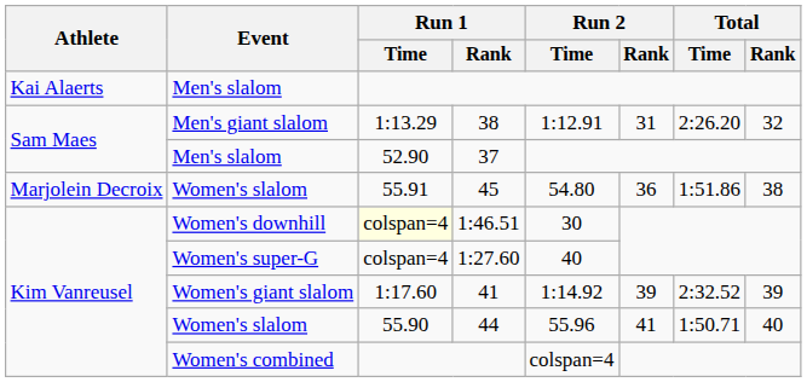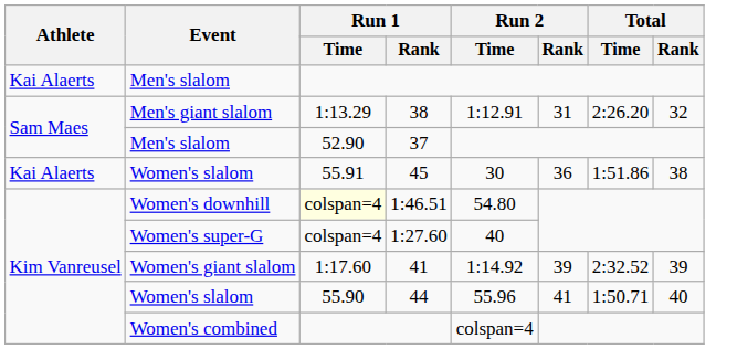 <table class="wikitable" style="font-size:90%">
 <tr>
 <th rowspan=2>Athlete</th>
 <th rowspan=2>Event</th>
 <th colspan=2>Run 1</th>
 <th colspan=2>Run 2</th>
 <th colspan=2>Total</th>
 </tr>
 <tr style="font-size:95%">
 <th>Time</th>
 <th>Rank</th>
 <th>Time</th>
 <th>Rank</th>
 <th>Time</th>
 <th>Rank</th>
 </tr>
 <tr align=center>
 <td align=left><a href='#'>Kai Alaerts</a></td>
 <td align=left><a href='#'>Men's slalom</a></td>
 <td colspan=6></td>
 </tr>
 <tr align=center>
 <td align=left rowspan=2><a href='#'>Sam Maes</a></td>
 <td align=left><a href='#'>Men's giant slalom</a></td>
 <td>1:13.29</td>
 <td>38</td>
 <td>1:12.91</td>
 <td>31</td>
 <td>2:26.20</td>
 <td>32</td>
 </tr>
 <tr align=center>
 <td align=left><a href='#'>Men's slalom</a></td>
 <td>52.90</td>
 <td>37</td>
 <td colspan=4></td>
 </tr>
 <tr align=center>
-<td align=left><a href='#'>Marjolein Decroix</a></td>
+<td align=left><a href='#'>Kai Alaerts</a></td>
 <td align=left><a href='#'>Women's slalom</a></td>
 <td>55.91</td>
 <td>45</td>
-<td>54.80</td>
+<td>30</td>
 <td>36</td>
 <td>1:51.86</td>
 <td>38</td>
 </tr>
 <tr align=center>
 <td align=left rowspan=5><a href='#'>Kim Vanreusel</a></td>
 <td align=left><a href='#'>Women's downhill</a></td>
 <td style="background: lightyellow;">colspan=4 </td>
 <td>1:46.51</td>
-<td>30</td>
+<td>54.80</td>
 </tr>
 <tr align=center>
 <td align=left><a href='#'>Women's super-G</a></td>
 <td>colspan=4 </td>
 <td>1:27.60</td>
 <td>40</td>
 </tr>
 <tr align=center>
 <td align=left><a href='#'>Women's giant slalom</a></td>
 <td>1:17.60</td>
 <td>41</td>
 <td>1:14.92</td>
 <td>39</td>
 <td>2:32.52</td>
 <td>39</td>
 </tr>
 <tr align=center>
 <td align=left><a href='#'>Women's slalom</a></td>
 <td>55.90</td>
 <td>44</td>
 <td>55.96</td>
 <td>41</td>
 <td>1:50.71</td>
 <td>40</td>
 </tr>
 <tr align=center>
 <td align=left><a href='#'>Women's combined</a></td>
 <td colspan=2></td>
 <td>colspan=4 </td>
 </tr>
 </table>
